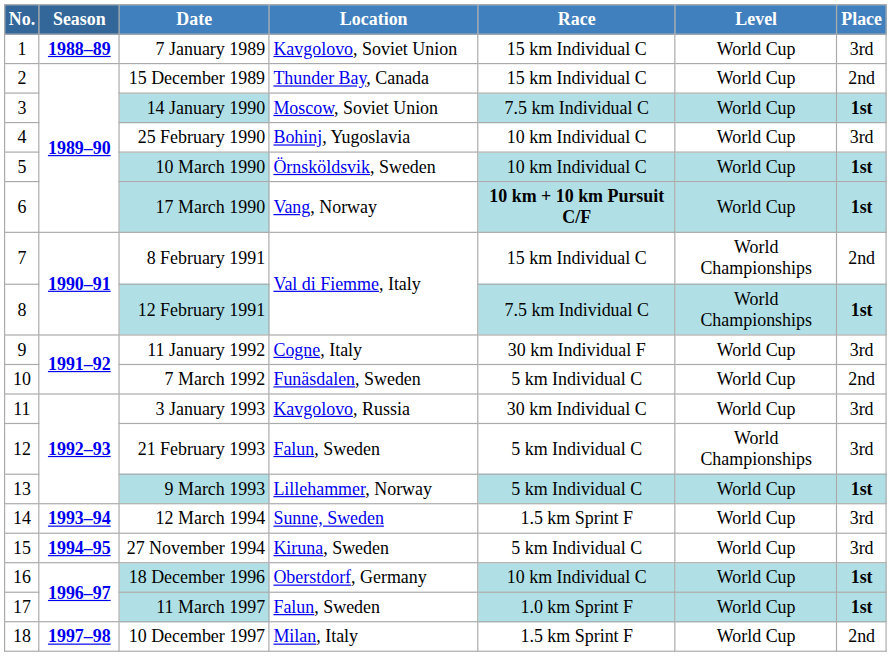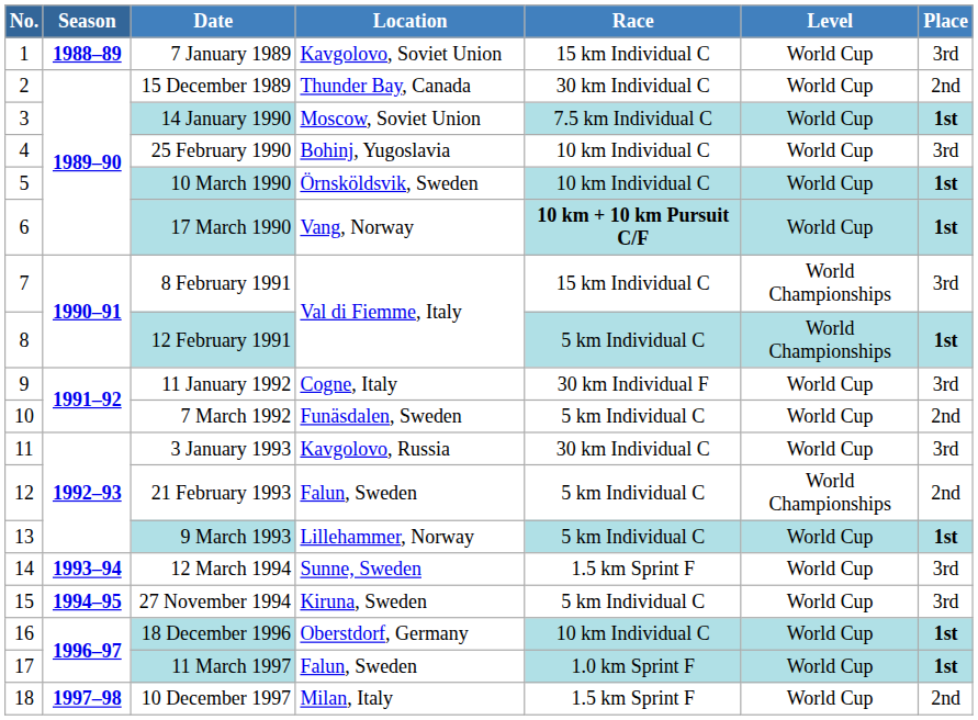 <table class="wikitable sortable" style="font-size:95%; text-align:center; border:grey solid 1px; border-collapse:collapse; background:#ffffff;">
 <tr style="background:#efefef;">
 <th style="background-color:#369; color:white;">No.</th>
 <th style="background-color:#369; color:white;">Season</th>
 <th style="background-color:#4180be; color:white; width:120px;">Date</th>
 <th style="background-color:#4180be; color:white; width:170px;">Location</th>
 <th style="background-color:#4180be; color:white; width:160px;">Race</th>
 <th style="background-color:#4180be; color:white; width:130px;">Level</th>
 <th style="background-color:#4180be; color:white;">Place</th>
 </tr>
 <tr>
 <td align=center>1</td>
 <td rowspan=1 align=center><strong> <a href='#'>1988–89</a> </strong></td>
 <td align=right>7 January 1989</td>
 <td align=left> <a href='#'>Kavgolovo</a>, Soviet Union</td>
 <td>15 km Individual C</td>
 <td>World Cup</td>
 <td>3rd</td>
 </tr>
 <tr>
 <td align=center>2</td>
 <td rowspan=5 align=center><strong> <a href='#'>1989–90</a> </strong></td>
 <td align=right>15 December 1989</td>
 <td align=left> <a href='#'>Thunder Bay</a>, Canada</td>
-<td>15 km Individual C</td>
+<td>30 km Individual C</td>
 <td>World Cup</td>
 <td>2nd</td>
 </tr>
 <tr>
 <td align=center>3</td>
 <td bgcolor="#BOEOE6" align=right>14 January 1990</td>
 <td align=left> <a href='#'>Moscow</a>, Soviet Union</td>
 <td bgcolor="#BOEOE6">7.5 km Individual C</td>
 <td bgcolor="#BOEOE6">World Cup</td>
 <td bgcolor="#BOEOE6"><strong>1st</strong></td>
 </tr>
 <tr>
 <td align=center>4</td>
 <td align=right>25 February 1990</td>
 <td align=left> <a href='#'>Bohinj</a>, Yugoslavia</td>
 <td>10 km Individual C</td>
 <td>World Cup</td>
 <td>3rd</td>
 </tr>
 <tr>
 <td align=center>5</td>
 <td bgcolor="#BOEOE6" align=right>10 March 1990</td>
 <td align=left> <a href='#'>Örnsköldsvik</a>, Sweden</td>
 <td bgcolor="#BOEOE6">10 km Individual C</td>
 <td bgcolor="#BOEOE6">World Cup</td>
 <td bgcolor="#BOEOE6"><strong>1st</strong></td>
 </tr>
 <tr>
 <td align=center>6</td>
 <td bgcolor="#BOEOE6" align=right>17 March 1990</td>
 <td align=left> <a href='#'>Vang</a>, Norway</td>
 <td bgcolor="#BOEOE6"><strong>10 km + 10 km Pursuit C/F</strong></td>
 <td bgcolor="#BOEOE6">World Cup</td>
 <td bgcolor="#BOEOE6"><strong>1st</strong></td>
 </tr>
 <tr>
 <td align=center>7</td>
 <td rowspan=2 align=center><strong> <a href='#'>1990–91</a> </strong></td>
 <td align=right>8 February 1991</td>
 <td rowspan=2 align=left> <a href='#'>Val di Fiemme</a>, Italy</td>
 <td>15 km Individual C</td>
 <td>World Championships</td>
-<td>2nd</td>
+<td>3rd</td>
 </tr>
 <tr>
 <td align=center>8</td>
 <td bgcolor="#BOEOE6" align=right>12 February 1991</td>
-<td bgcolor="#BOEOE6">7.5 km Individual C</td>
+<td bgcolor="#BOEOE6">5 km Individual C</td>
 <td bgcolor="#BOEOE6">World Championships</td>
 <td bgcolor="#BOEOE6"><strong>1st</strong></td>
 </tr>
 <tr>
 <td align=center>9</td>
 <td rowspan=2 align=center><strong> <a href='#'>1991–92</a> </strong></td>
 <td align=right>11 January 1992</td>
 <td align=left> <a href='#'>Cogne</a>, Italy</td>
 <td>30 km Individual F</td>
 <td>World Cup</td>
 <td>3rd</td>
 </tr>
 <tr>
 <td align=center>10</td>
 <td align=right>7 March 1992</td>
 <td align=left> <a href='#'>Funäsdalen</a>, Sweden</td>
 <td>5 km Individual C</td>
 <td>World Cup</td>
 <td>2nd</td>
 </tr>
 <tr>
 <td align=center>11</td>
 <td rowspan=3 align=center><strong> <a href='#'>1992–93</a> </strong></td>
 <td align=right>3 January 1993</td>
 <td align=left> <a href='#'>Kavgolovo</a>, Russia</td>
 <td>30 km Individual C</td>
 <td>World Cup</td>
 <td>3rd</td>
 </tr>
 <tr>
 <td align=center>12</td>
 <td align=right>21 February 1993</td>
 <td align=left> <a href='#'>Falun</a>, Sweden</td>
 <td>5 km Individual C</td>
 <td>World Championships</td>
-<td>3rd</td>
+<td>2nd</td>
 </tr>
 <tr>
 <td align=center>13</td>
 <td bgcolor="#BOEOE6" align=right>9 March 1993</td>
 <td align=left> <a href='#'>Lillehammer</a>, Norway</td>
 <td bgcolor="#BOEOE6">5 km Individual C</td>
 <td bgcolor="#BOEOE6">World Cup</td>
 <td bgcolor="#BOEOE6"><strong>1st</strong></td>
 </tr>
 <tr>
 <td align=center>14</td>
 <td rowspan=1 align=center><strong> <a href='#'>1993–94</a> </strong></td>
 <td align=right>12 March 1994</td>
 <td align=left> <a href='#'>Sunne, Sweden</a></td>
 <td>1.5 km Sprint F</td>
 <td>World Cup</td>
 <td>3rd</td>
 </tr>
 <tr>
 <td align=center>15</td>
 <td rowspan=1 align=center><strong> <a href='#'>1994–95</a> </strong></td>
 <td align=right>27 November 1994</td>
 <td align=left> <a href='#'>Kiruna</a>, Sweden</td>
 <td>5 km Individual C</td>
 <td>World Cup</td>
 <td>3rd</td>
 </tr>
 <tr>
 <td align=center>16</td>
 <td rowspan=2 align=center><strong><a href='#'>1996–97</a></strong></td>
 <td bgcolor="#BOEOE6" align=right>18 December 1996</td>
 <td align=left> <a href='#'>Oberstdorf</a>, Germany</td>
 <td bgcolor="#BOEOE6">10 km Individual C</td>
 <td bgcolor="#BOEOE6">World Cup</td>
 <td bgcolor="#BOEOE6"><strong>1st</strong></td>
 </tr>
 <tr>
 <td align=center>17</td>
 <td bgcolor="#BOEOE6" align=right>11 March 1997</td>
 <td align=left> <a href='#'>Falun</a>, Sweden</td>
 <td bgcolor="#BOEOE6">1.0 km Sprint F</td>
 <td bgcolor="#BOEOE6">World Cup</td>
 <td bgcolor="#BOEOE6"><strong>1st</strong></td>
 </tr>
 <tr>
 <td align=center>18</td>
 <td rowspan=1 align=center><strong> <a href='#'>1997–98</a> </strong></td>
 <td align=right>10 December 1997</td>
 <td align=left> <a href='#'>Milan</a>, Italy</td>
 <td>1.5 km Sprint F</td>
 <td>World Cup</td>
 <td>2nd</td>
 </tr>
 </table>
